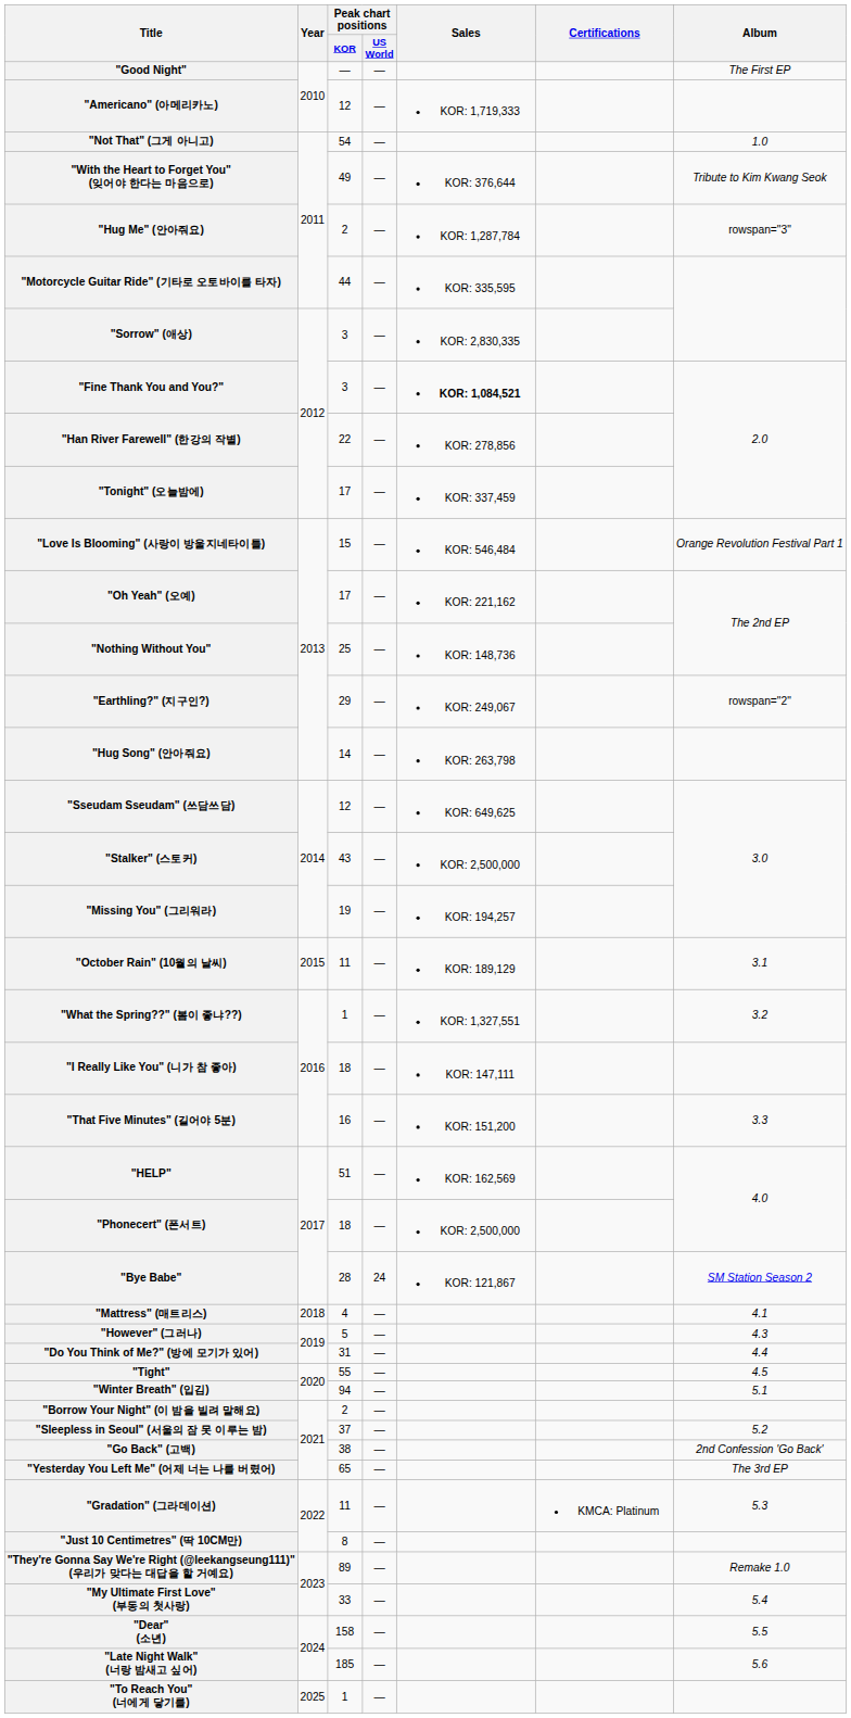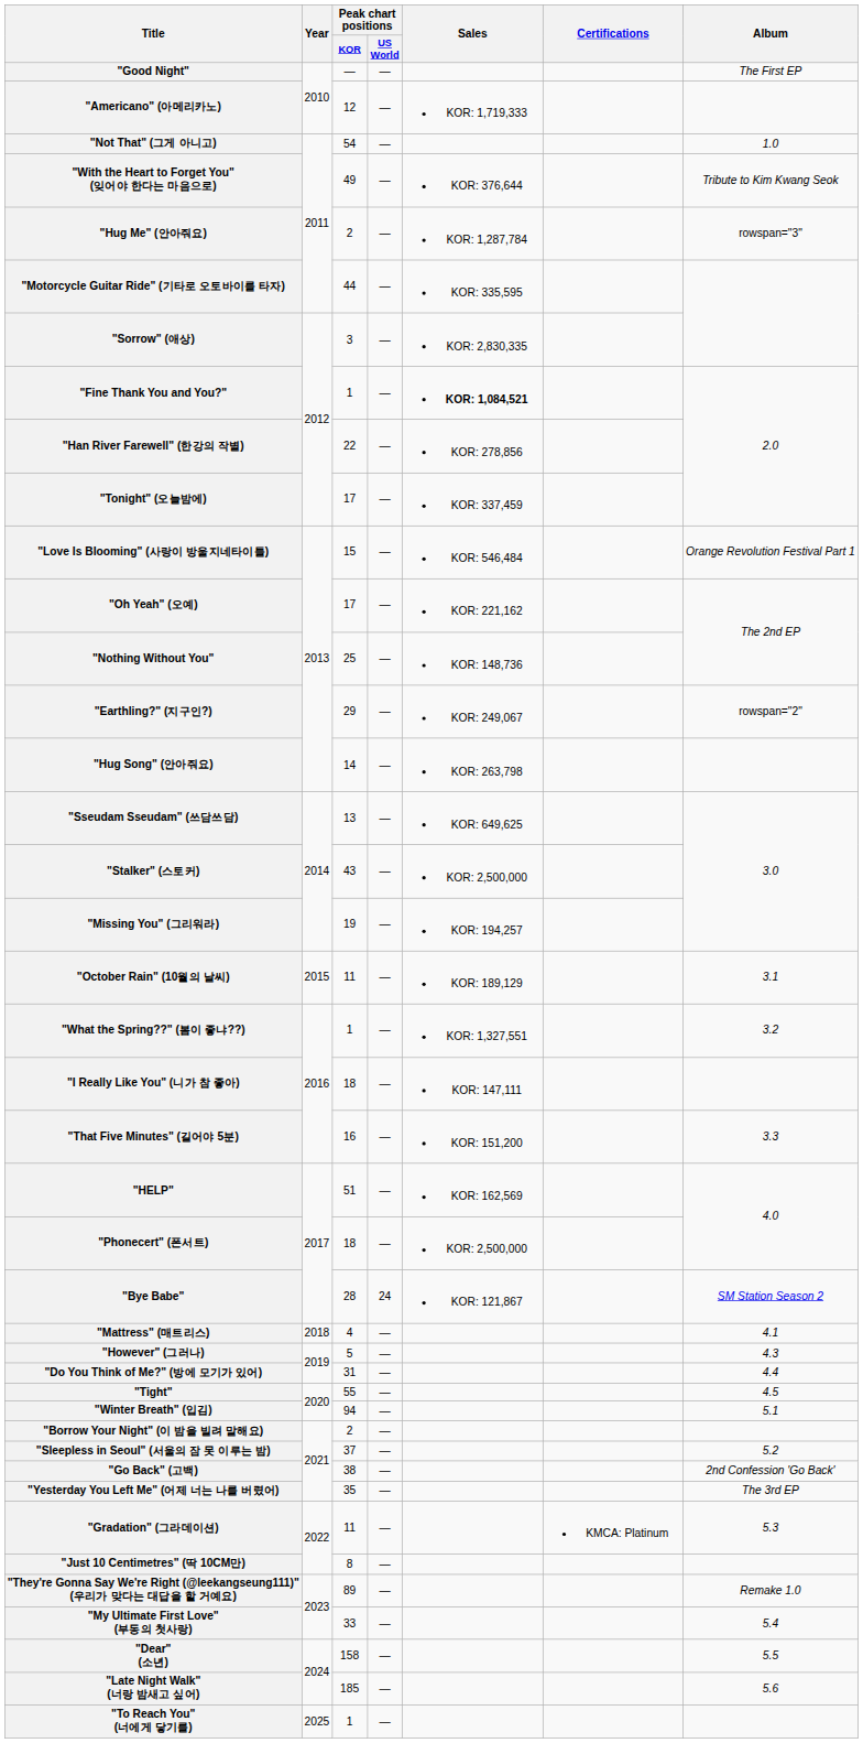 <table class="wikitable plainrowheaders" style="text-align:center;">
 <tr>
 <th rowspan="2" scope="col">Title</th>
 <th rowspan="2" scope="col">Year</th>
 <th colspan="2" scope="col">Peak chart <br> positions</th>
 <th rowspan="2" scope="col" style="width:12em;">Sales</th>
 <th rowspan="2" scope="col" style="width:12em;"><a href='#'>Certifications</a></th>
 <th rowspan="2" scope="col">Album</th>
 </tr>
 <tr>
 <th scope="col" style="width:3em;font-size:90%;"><a href='#'>KOR</a><br></th>
 <th scope="col" style="width:3em;font-size:90%;"><a href='#'>US<br>World</a><br></th>
 </tr>
 <tr>
 <th scope="row">"Good Night"</th>
 <td rowspan="2">2010</td>
 <td>—</td>
 <td>—</td>
 <td></td>
 <td></td>
 <td><em>The First EP</em></td>
 </tr>
 <tr>
 <th scope="row">"Americano" (아메리카노)</th>
 <td>12</td>
 <td>—</td>
 <td><br><ul><li>KOR: 1,719,333</li></ul></td>
 <td></td>
 <td></td>
 </tr>
 <tr>
 <th scope="row">"Not That" (그게 아니고)</th>
 <td rowspan="4">2011</td>
 <td>54</td>
 <td>—</td>
 <td></td>
 <td></td>
 <td><em>1.0</em></td>
 </tr>
 <tr>
 <th scope="row">"With the Heart to Forget You" <br> (잊어야 한다는 마음으로)</th>
 <td>49</td>
 <td>—</td>
 <td><br><ul><li>KOR: 376,644</li></ul></td>
 <td></td>
 <td><em>Tribute to Kim Kwang Seok</em></td>
 </tr>
 <tr>
 <th scope="row">"Hug Me" (안아줘요)</th>
 <td>2</td>
 <td>—</td>
 <td><br><ul><li>KOR: 1,287,784</li></ul></td>
 <td></td>
 <td>rowspan="3" </td>
 </tr>
 <tr>
 <th scope="row">"Motorcycle Guitar Ride" (기타로 오토바이를 타자)</th>
 <td>44</td>
 <td>—</td>
 <td><br><ul><li>KOR: 335,595</li></ul></td>
 <td></td>
 </tr>
 <tr>
 <th scope="row">"Sorrow" (애상)</th>
 <td rowspan="4">2012</td>
 <td>3</td>
 <td>—</td>
 <td><br><ul><li>KOR: 2,830,335</li></ul></td>
 <td></td>
 </tr>
 <tr>
 <th scope="row">"Fine Thank You and You?"</th>
-<td>3</td>
+<td>1</td>
 <td>—</td>
 <td><strong><br><ul><li>KOR: 1,084,521</li></ul></strong></td>
 <td></td>
 <td rowspan="3"><em>2.0</em></td>
 </tr>
 <tr>
 <th scope="row">"Han River Farewell" (한강의 작별)</th>
 <td>22</td>
 <td>—</td>
 <td><br><ul><li>KOR: 278,856</li></ul></td>
 <td></td>
 </tr>
 <tr>
 <th scope="row">"Tonight" (오늘밤에)</th>
 <td>17</td>
 <td>—</td>
 <td><br><ul><li>KOR: 337,459</li></ul></td>
 <td></td>
 </tr>
 <tr>
 <th scope="row">"Love Is Blooming" (사랑이 방울지네타이틀)</th>
 <td rowspan="5">2013</td>
 <td>15</td>
 <td>—</td>
 <td><br><ul><li>KOR: 546,484</li></ul></td>
 <td></td>
 <td><em>Orange Revolution Festival Part 1</em></td>
 </tr>
 <tr>
 <th scope="row">"Oh Yeah" (오예)</th>
 <td>17</td>
 <td>—</td>
 <td><br><ul><li>KOR: 221,162</li></ul></td>
 <td></td>
 <td rowspan="2"><em>The 2nd EP</em></td>
 </tr>
 <tr>
 <th scope="row">"Nothing Without You"</th>
 <td>25</td>
 <td>—</td>
 <td><br><ul><li>KOR: 148,736</li></ul></td>
 <td></td>
 </tr>
 <tr>
 <th scope="row">"Earthling?" (지구인?)</th>
 <td>29</td>
 <td>—</td>
 <td><br><ul><li>KOR: 249,067</li></ul></td>
 <td></td>
 <td>rowspan="2" </td>
 </tr>
 <tr>
 <th scope="row">"Hug Song" (안아줘요)<br></th>
 <td>14</td>
 <td>—</td>
 <td><br><ul><li>KOR: 263,798</li></ul></td>
 <td></td>
 </tr>
 <tr>
 <th scope="row">"Sseudam Sseudam" (쓰담쓰담)</th>
 <td rowspan="3">2014</td>
-<td>12</td>
+<td>13</td>
 <td>—</td>
 <td><br><ul><li>KOR: 649,625</li></ul></td>
 <td></td>
 <td rowspan="3"><em>3.0</em></td>
 </tr>
 <tr>
 <th scope="row">"Stalker" (스토커)</th>
 <td>43</td>
 <td>—</td>
 <td><br><ul><li>KOR: 2,500,000</li></ul></td>
 <td></td>
 </tr>
 <tr>
 <th scope="row">"Missing You" (그리워라)</th>
 <td>19</td>
 <td>—</td>
 <td><br><ul><li>KOR: 194,257</li></ul></td>
 <td></td>
 </tr>
 <tr>
 <th scope="row">"October Rain" (10월의 날씨)</th>
 <td>2015</td>
 <td>11</td>
 <td>—</td>
 <td><br><ul><li>KOR: 189,129</li></ul></td>
 <td></td>
 <td><em>3.1</em> </td>
 </tr>
 <tr>
 <th scope="row">"What the Spring??" (봄이 좋냐??)</th>
 <td rowspan="3">2016</td>
 <td>1</td>
 <td>—</td>
 <td><br><ul><li>KOR: 1,327,551</li></ul></td>
 <td></td>
 <td><em>3.2</em> </td>
 </tr>
 <tr>
 <th scope="row">"I Really Like You" (니가 참 좋아)</th>
 <td>18</td>
 <td>—</td>
 <td><br><ul><li>KOR: 147,111</li></ul></td>
 <td></td>
 <td></td>
 </tr>
 <tr>
 <th scope="row">"That Five Minutes" (길어야 5분)</th>
 <td>16</td>
 <td>—</td>
 <td><br><ul><li>KOR: 151,200</li></ul></td>
 <td></td>
 <td><em>3.3</em> </td>
 </tr>
 <tr>
 <th scope="row">"HELP"</th>
 <td rowspan="3">2017</td>
 <td>51</td>
 <td>—</td>
 <td><br><ul><li>KOR: 162,569</li></ul></td>
 <td></td>
 <td rowspan="2"><em>4.0</em></td>
 </tr>
 <tr>
 <th scope="row">"Phonecert" (폰서트)</th>
 <td>18</td>
 <td>—</td>
 <td><br><ul><li>KOR: 2,500,000</li></ul></td>
 <td></td>
 </tr>
 <tr>
 <th scope="row">"Bye Babe"<br></th>
 <td>28</td>
 <td>24</td>
 <td><br><ul><li>KOR: 121,867</li></ul></td>
 <td></td>
 <td><em><a href='#'>SM Station Season 2</a></em></td>
 </tr>
 <tr>
 <th scope="row">"Mattress" (매트리스)</th>
 <td>2018</td>
 <td>4</td>
 <td>—</td>
 <td></td>
 <td></td>
 <td><em>4.1</em> </td>
 </tr>
 <tr>
 <th scope="row">"However" (그러나)</th>
 <td rowspan="2">2019</td>
 <td>5</td>
 <td>—</td>
 <td></td>
 <td></td>
 <td><em>4.3</em> </td>
 </tr>
 <tr>
 <th scope="row">"Do You Think of Me?" (방에 모기가 있어)</th>
 <td>31</td>
 <td>—</td>
 <td></td>
 <td></td>
 <td><em>4.4</em> </td>
 </tr>
 <tr>
 <th scope="row">"Tight"</th>
 <td rowspan="2">2020</td>
 <td>55</td>
 <td>—</td>
 <td></td>
 <td></td>
 <td><em>4.5</em> </td>
 </tr>
 <tr>
 <th scope="row">"Winter Breath" (입김)</th>
 <td>94</td>
 <td>—</td>
 <td></td>
 <td></td>
 <td><em>5.1</em> </td>
 </tr>
 <tr>
 <th scope="row">"Borrow Your Night" (이 밤을 빌려 말해요)</th>
 <td rowspan="4">2021</td>
 <td>2</td>
 <td>—</td>
 <td></td>
 <td></td>
 <td></td>
 </tr>
 <tr>
 <th scope="row">"Sleepless in Seoul" (서울의 잠 못 이루는 밤)<br></th>
 <td>37</td>
 <td>—</td>
 <td></td>
 <td></td>
 <td><em>5.2</em> </td>
 </tr>
 <tr>
 <th scope="row">"Go Back" (고백)</th>
 <td>38</td>
 <td>—</td>
 <td></td>
 <td></td>
 <td><em>2nd Confession 'Go Back' </em> </td>
 </tr>
 <tr>
 <th scope="row">"Yesterday You Left Me" (어제 너는 나를 버렸어)</th>
-<td>65</td>
+<td>35</td>
 <td>—</td>
 <td></td>
 <td></td>
 <td><em>The 3rd EP</em></td>
 </tr>
 <tr>
 <th scope="row">"Gradation" (그라데이션)</th>
 <td rowspan="2">2022</td>
 <td>11</td>
 <td>—</td>
 <td></td>
 <td><br><ul><li>KMCA: Platinum</li></ul></td>
 <td><em>5.3</em> </td>
 </tr>
 <tr>
 <th scope="row">"Just 10 Centimetres" (딱 10CM만)<br></th>
 <td>8</td>
 <td>—</td>
 <td></td>
 <td></td>
 <td></td>
 </tr>
 <tr>
 <th scope="row">"They're Gonna Say We're Right (@leekangseung111)"<br>(우리가 맞다는 대답을 할 거예요)</th>
 <td rowspan="2">2023</td>
 <td>89</td>
 <td>—</td>
 <td></td>
 <td></td>
 <td><em>Remake 1.0</em></td>
 </tr>
 <tr>
 <th scope="row">"My Ultimate First Love"<br>(부동의 첫사랑)</th>
 <td>33</td>
 <td>—</td>
 <td></td>
 <td></td>
 <td><em>5.4</em> </td>
 </tr>
 <tr>
 <th scope="row">"Dear"<br>(소년)</th>
 <td rowspan="2">2024</td>
 <td>158</td>
 <td>—</td>
 <td></td>
 <td></td>
 <td><em>5.5</em> </td>
 </tr>
 <tr>
 <th scope="row">"Late Night Walk"<br>(너랑 밤새고 싶어)</th>
 <td>185</td>
 <td>—</td>
 <td></td>
 <td></td>
 <td><em>5.6</em> </td>
 </tr>
 <tr>
 <th scope="row">"To Reach You"<br>(너에게 닿기를)</th>
 <td>2025</td>
 <td>1</td>
 <td>—</td>
 <td></td>
 <td></td>
 <td></td>
 </tr>
 </table>
